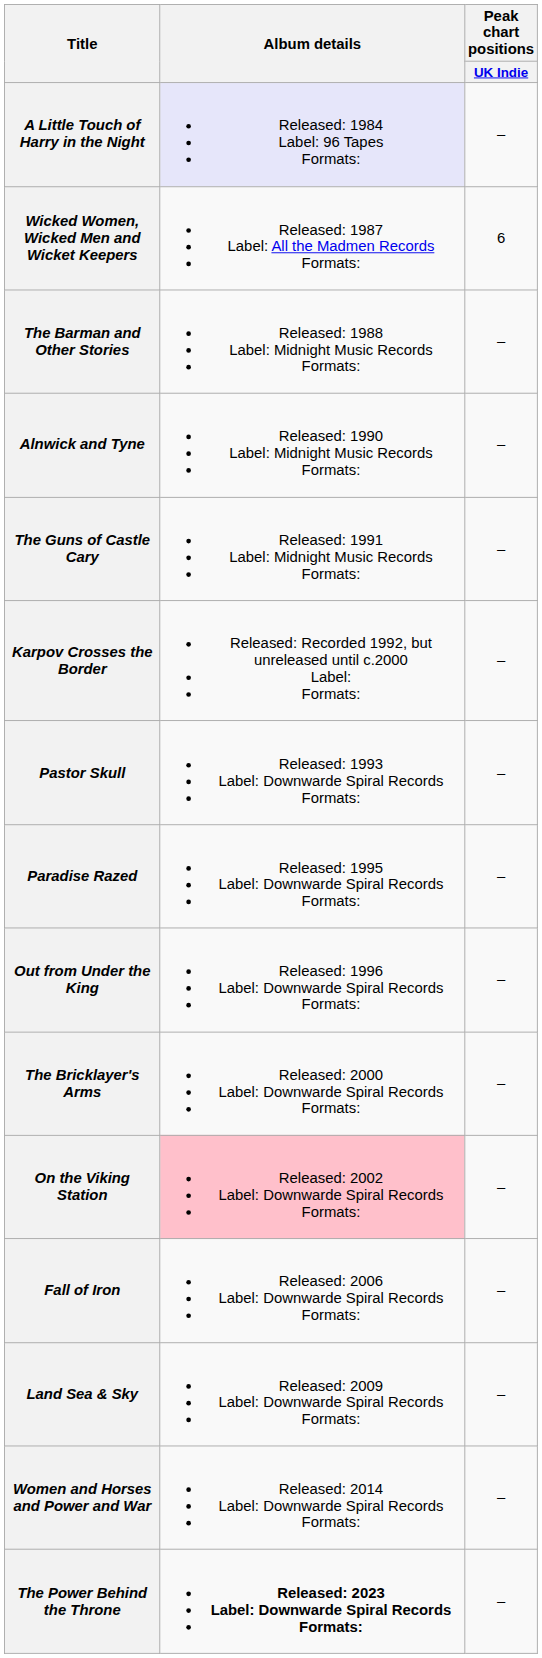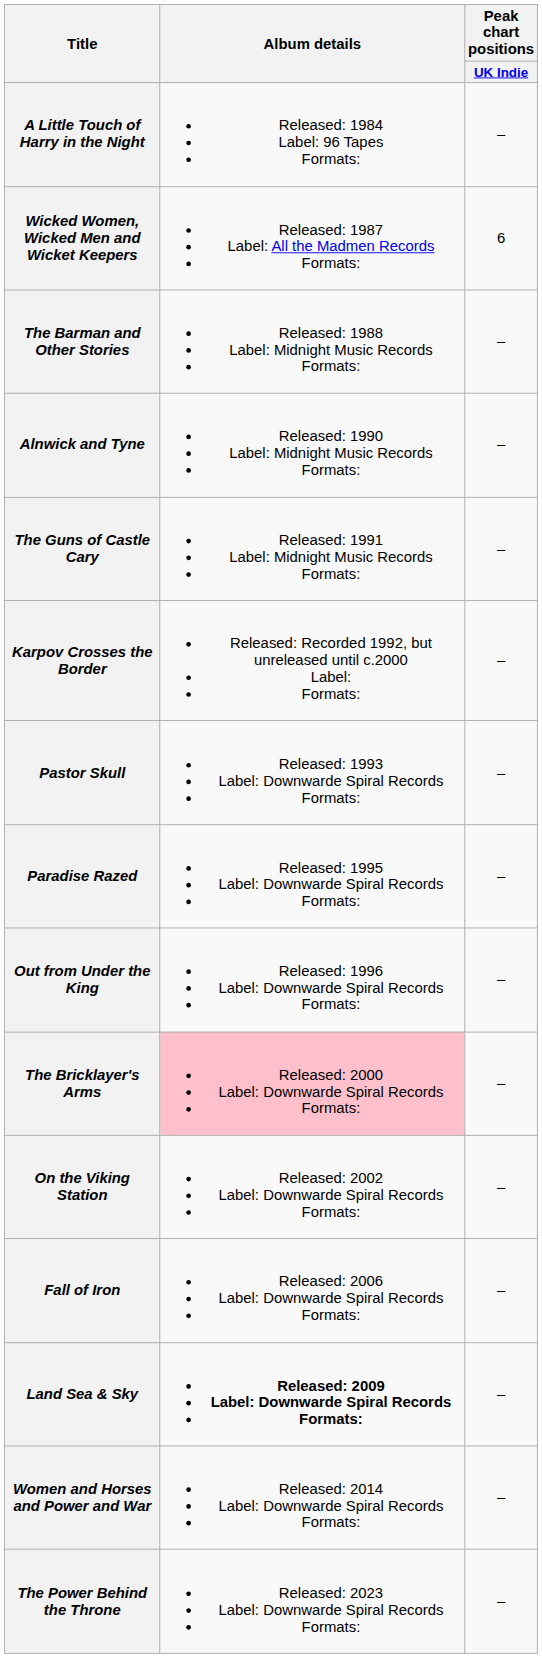 <table class="wikitable plainrowheaders" style="text-align:center;">
 <tr>
 <th scope="col" rowspan="2" style="width:10em;">Title</th>
 <th scope="col" rowspan="2" style="width:20em;">Album details</th>
 <th scope="col" colspan="1">Peak chart positions</th>
 </tr>
 <tr>
 <th scope="col" style="width:2.5em;font-size:90%;"><a href='#'>UK Indie</a><br></th>
 </tr>
 <tr>
 <th scope="row"><em>A Little Touch of Harry in the Night</em></th>
-<td style="background: lavender;"><br><ul><li>Released: 1984</li><li>Label: 96 Tapes</li><li>Formats:</li></ul></td>
+<td><br><ul><li>Released: 1984</li><li>Label: 96 Tapes</li><li>Formats:</li></ul></td>
 <td>–</td>
 </tr>
 <tr>
 <th scope="row"><em>Wicked Women, Wicked Men and Wicket Keepers</em></th>
 <td><br><ul><li>Released: 1987</li><li>Label: <a href='#'>All the Madmen Records</a></li><li>Formats:</li></ul></td>
 <td>6</td>
 </tr>
 <tr>
 <th scope="row"><em>The Barman and Other Stories</em></th>
 <td><br><ul><li>Released: 1988</li><li>Label: Midnight Music Records</li><li>Formats:</li></ul></td>
 <td>–</td>
 </tr>
 <tr>
 <th scope="row"><em>Alnwick and Tyne</em></th>
 <td><br><ul><li>Released: 1990</li><li>Label: Midnight Music Records</li><li>Formats:</li></ul></td>
 <td>–</td>
 </tr>
 <tr>
 <th scope="row"><em>The Guns of Castle Cary</em></th>
 <td><br><ul><li>Released: 1991</li><li>Label: Midnight Music Records</li><li>Formats:</li></ul></td>
 <td>–</td>
 </tr>
 <tr>
 <th scope="row"><em>Karpov Crosses the Border</em></th>
 <td><br><ul><li>Released: Recorded 1992, but unreleased until c.2000</li><li>Label:</li><li>Formats:</li></ul></td>
 <td>–</td>
 </tr>
 <tr>
 <th scope="row"><em>Pastor Skull</em></th>
 <td><br><ul><li>Released: 1993</li><li>Label: Downwarde Spiral Records</li><li>Formats:</li></ul></td>
 <td>–</td>
 </tr>
 <tr>
 <th scope="row"><em>Paradise Razed</em></th>
 <td><br><ul><li>Released: 1995</li><li>Label: Downwarde Spiral Records</li><li>Formats:</li></ul></td>
 <td>–</td>
 </tr>
 <tr>
 <th scope="row"><em>Out from Under the King</em></th>
 <td><br><ul><li>Released: 1996</li><li>Label: Downwarde Spiral Records</li><li>Formats:</li></ul></td>
 <td>–</td>
 </tr>
 <tr>
 <th scope="row"><em>The Bricklayer's Arms</em></th>
-<td><br><ul><li>Released: 2000</li><li>Label: Downwarde Spiral Records</li><li>Formats:</li></ul></td>
+<td style="background: pink;"><br><ul><li>Released: 2000</li><li>Label: Downwarde Spiral Records</li><li>Formats:</li></ul></td>
 <td>–</td>
 </tr>
 <tr>
 <th scope="row"><em>On the Viking Station</em></th>
-<td style="background: pink;"><br><ul><li>Released: 2002</li><li>Label: Downwarde Spiral Records</li><li>Formats:</li></ul></td>
+<td><br><ul><li>Released: 2002</li><li>Label: Downwarde Spiral Records</li><li>Formats:</li></ul></td>
 <td>–</td>
 </tr>
 <tr>
 <th scope="row"><em>Fall of Iron</em></th>
 <td><br><ul><li>Released: 2006</li><li>Label: Downwarde Spiral Records</li><li>Formats:</li></ul></td>
 <td>–</td>
 </tr>
 <tr>
 <th scope="row"><em>Land Sea & Sky</em></th>
-<td><br><ul><li>Released: 2009</li><li>Label: Downwarde Spiral Records</li><li>Formats:</li></ul></td>
+<td><strong><br><ul><li>Released: 2009</li><li>Label: Downwarde Spiral Records</li><li>Formats:</li></ul></strong></td>
 <td>–</td>
 </tr>
 <tr>
 <th scope="row"><em>Women and Horses and Power and War</em></th>
 <td><br><ul><li>Released: 2014</li><li>Label: Downwarde Spiral Records</li><li>Formats:</li></ul></td>
 <td>–</td>
 </tr>
 <tr>
 <th scope="row"><em>The Power Behind the Throne</em></th>
-<td><strong><br><ul><li>Released: 2023</li><li>Label: Downwarde Spiral Records</li><li>Formats:</li></ul></strong></td>
+<td><br><ul><li>Released: 2023</li><li>Label: Downwarde Spiral Records</li><li>Formats:</li></ul></td>
 <td>–</td>
 </tr>
 </table>
